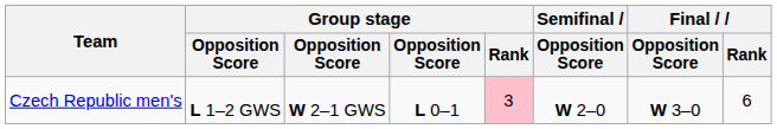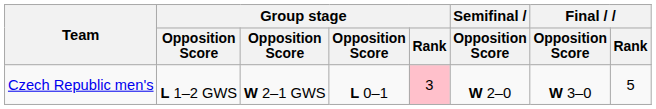 <table class="wikitable" style="font-size:90%">
 <tr>
 <th rowspan=2>Team</th>
 <th colspan=4>Group stage</th>
 <th>Semifinal / </th>
 <th colspan=2>Final /  / </th>
 </tr>
 <tr style="font-size:95%">
 <th>Opposition<br>Score</th>
 <th>Opposition<br>Score</th>
 <th>Opposition<br>Score</th>
 <th>Rank</th>
 <th>Opposition<br>Score</th>
 <th>Opposition<br>Score</th>
 <th>Rank</th>
 </tr>
 <tr align=center>
 <td align=left><a href='#'>Czech Republic men's</a></td>
 <td><br> <strong>L</strong> 1–2 GWS</td>
 <td><br> <strong>W</strong> 2–1 GWS</td>
 <td><br> <strong>L</strong> 0–1</td>
 <td style="background: pink;">3</td>
 <td><br> <strong>W</strong> 2–0</td>
 <td><br> <strong>W</strong> 3–0</td>
-<td>6</td>
+<td>5</td>
 </tr>
 </table>
